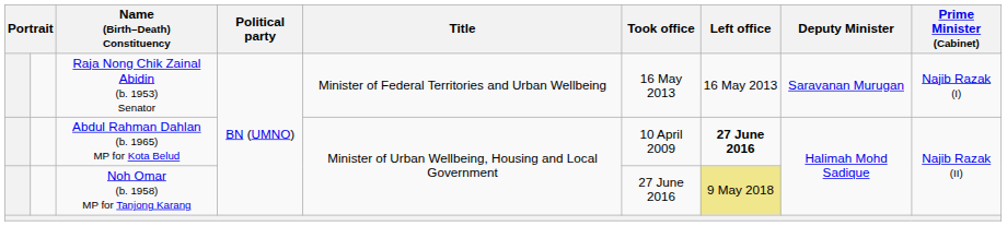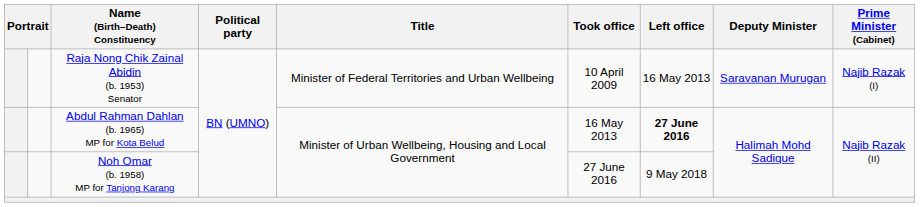 <table class="wikitable" style="text-align:center;">
 <tr>
 <th colspan=2>Portrait</th>
 <th>Name<br><small>(Birth–Death)<br>Constituency</small></th>
 <th>Political party</th>
 <th>Title</th>
 <th>Took office</th>
 <th>Left office</th>
 <th>Deputy Minister</th>
 <th><a href='#'>Prime Minister</a><br><small>(Cabinet)</small></th>
 </tr>
 <tr>
 <th style="background:"></th>
 <td></td>
 <td><a href='#'>Raja Nong Chik Zainal Abidin</a><br><small>(b. 1953)<br>Senator</small></td>
 <td rowspan=3><a href='#'>BN</a> (<a href='#'>UMNO</a>)</td>
 <td>Minister of Federal Territories and Urban Wellbeing</td>
-<td>16 May 2013</td>
+<td>10 April 2009</td>
 <td>16 May 2013</td>
 <td><a href='#'>Saravanan Murugan</a></td>
 <td><a href='#'>Najib Razak</a><br><small>(I)</small></td>
 </tr>
 <tr>
 <th style="background:"></th>
 <td></td>
 <td><a href='#'>Abdul Rahman Dahlan</a><br><small>(b. 1965)<br>MP for <a href='#'>Kota Belud</a></small></td>
 <td rowspan=2>Minister of Urban Wellbeing, Housing and Local Government</td>
-<td>10 April 2009</td>
+<td>16 May 2013</td>
 <td><strong>27 June 2016</strong></td>
 <td rowspan="2"><a href='#'>Halimah Mohd Sadique</a></td>
 <td rowspan="2"><a href='#'>Najib Razak</a><br><small>(II)</small></td>
 </tr>
 <tr>
 <th style="background:"></th>
 <td></td>
 <td><a href='#'>Noh Omar</a><br><small>(b. 1958)<br>MP for <a href='#'>Tanjong Karang</a></small></td>
 <td>27 June 2016</td>
-<td style="background: khaki;">9 May 2018</td>
+<td>9 May 2018</td>
 </tr>
 <tr>
 <th colspan="9" bgcolor="cccccc"></th>
 </tr>
 </table>
